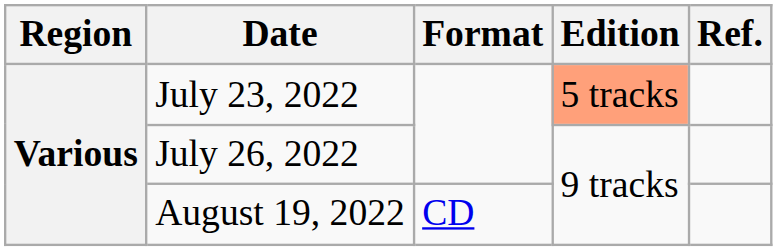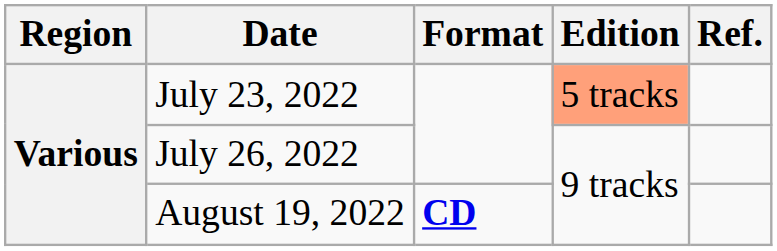 <table class="wikitable plainrowheaders">
 <tr>
 <th scope="col">Region</th>
 <th scope="col">Date</th>
 <th scope="col">Format</th>
 <th scope="col">Edition</th>
 <th scope="col">Ref.</th>
 </tr>
 <tr>
 <th rowspan="3" scope="row">Various</th>
 <td>July 23, 2022</td>
 <td rowspan="2"></td>
 <td style="background: lightsalmon;">5 tracks</td>
 <td></td>
 </tr>
 <tr>
 <td>July 26, 2022</td>
 <td rowspan="2">9 tracks</td>
 <td></td>
 </tr>
 <tr>
 <td>August 19, 2022</td>
-<td><a href='#'>CD</a></td>
+<td><strong><a href='#'>CD</a></strong></td>
 <td></td>
 </tr>
 </table>
